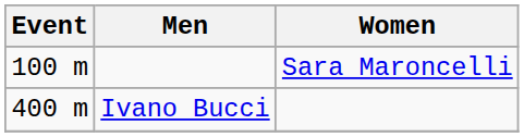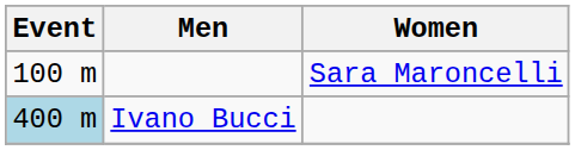 <table class=wikitable style="font-size:100%">
 <tr>
 <th>Event</th>
 <th>Men</th>
 <th>Women</th>
 </tr>
 <tr>
 <td>100 m</td>
 <td></td>
 <td><a href='#'>Sara Maroncelli</a></td>
 </tr>
 <tr>
-<td>400 m</td>
+<td style="background: lightblue;">400 m</td>
 <td><a href='#'>Ivano Bucci</a></td>
 <td></td>
 </tr>
 <tr>
 </tr>
 <tr>
 </tr>
 </table>
